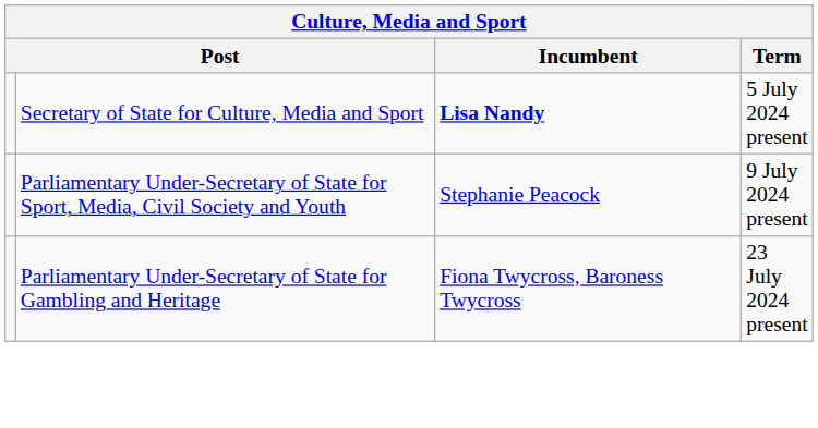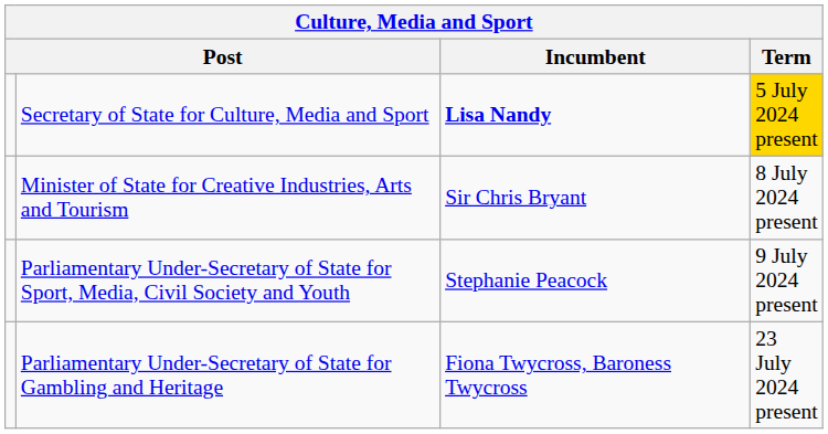 <table class="wikitable">
 <tr>
 <th colspan="4"><a href='#'>Culture, Media and Sport</a></th>
 </tr>
 <tr>
 <th colspan="2">Post</th>
 <th>Incumbent</th>
 <th>Term</th>
 </tr>
 <tr>
 <td style="width: 1px; background: "></td>
 <td style="width: 450px;"><a href='#'>Secretary of State for Culture, Media and Sport</a></td>
 <td colspan="1" style="width: 320px;"><strong><a href='#'>Lisa Nandy</a></strong></td>
-<td>5 July 2024 present</td>
+<td style="background: gold;">5 July 2024 present</td>
+</tr>
+<tr>
+<td rowspan="1" style="width: 1px; background: "></td>
+<td rowspan="1"><a href='#'>Minister of State for Creative Industries, Arts and Tourism</a></td>
+<td colspan="1"><a href='#'>Sir Chris Bryant</a></td>
+<td>8 July 2024 present</td>
 </tr>
 <tr>
 <td rowspan="1" style="width: 1px; background: "></td>
 <td rowspan="1"><a href='#'>Parliamentary Under-Secretary of State for Sport, Media, Civil Society and Youth</a></td>
 <td colspan="1"><a href='#'>Stephanie Peacock</a></td>
 <td>9 July 2024 present</td>
 </tr>
 <tr>
 <td rowspan="1" style="width: 1px; background: "></td>
 <td rowspan="1"><a href='#'>Parliamentary Under-Secretary of State for Gambling and Heritage</a></td>
 <td><a href='#'>Fiona Twycross, Baroness Twycross</a> </td>
 <td>23 July 2024 present</td>
 </tr>
 </table>
